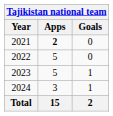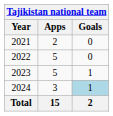 <table class="wikitable" style="text-align:center">
 <tr>
 <th colspan=3><a href='#'>Tajikistan national team</a></th>
 </tr>
 <tr>
 <th>Year</th>
 <th>Apps</th>
 <th>Goals</th>
 </tr>
 <tr>
 <td>2021</td>
-<td><strong>2</strong></td>
+<td>2</td>
 <td>0</td>
 </tr>
 <tr>
 <td>2022</td>
 <td>5</td>
 <td>0</td>
 </tr>
 <tr>
 <td>2023</td>
 <td>5</td>
 <td>1</td>
 </tr>
 <tr>
 <td>2024</td>
 <td>3</td>
-<td>1</td>
+<td style="background: lightblue;">1</td>
 </tr>
 <tr>
 <th>Total</th>
 <th>15</th>
 <th>2</th>
 </tr>
 </table>
